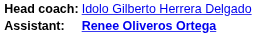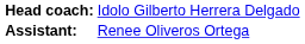 <table>
 <tr>
 <td><strong>Head coach:</strong></td>
 <td><a href='#'>Idolo Gilberto Herrera Delgado</a></td>
 </tr>
 <tr>
 <td><strong>Assistant:</strong></td>
-<td><strong><a href='#'>Renee Oliveros Ortega</a></strong></td>
+<td><a href='#'>Renee Oliveros Ortega</a></td>
 </tr>
 </table>
